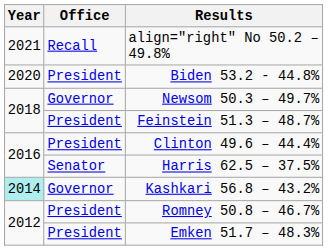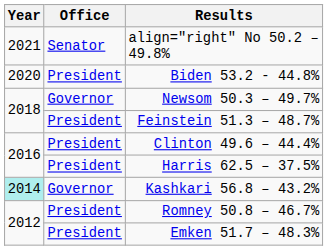 <table class=wikitable>
 <tr>
 <th width="30">Year</th>
 <th width="60">Office</th>
 <th width="180">Results</th>
 </tr>
 <tr>
 <td>2021</td>
-<td><a href='#'>Recall</a></td>
+<td><a href='#'>Senator</a></td>
 <td>align="right"  No 50.2 – 49.8%</td>
 </tr>
 <tr>
 <td rowspan="1">2020</td>
 <td><a href='#'>President</a></td>
 <td align="right" ><a href='#'>Biden</a> 53.2 - 44.8%</td>
 </tr>
 <tr>
 <td rowspan="2">2018</td>
 <td><a href='#'>Governor</a></td>
 <td align="right" ><a href='#'>Newsom</a> 50.3 – 49.7%</td>
 </tr>
 <tr>
 <td><a href='#'>President</a></td>
 <td align="right" ><a href='#'>Feinstein</a> 51.3 – 48.7%</td>
 </tr>
 <tr>
 <td rowspan="2">2016</td>
 <td><a href='#'>President</a></td>
 <td align="right" ><a href='#'>Clinton</a> 49.6 – 44.4%</td>
 </tr>
 <tr>
-<td><a href='#'>Senator</a></td>
+<td><a href='#'>President</a></td>
 <td align="right" ><a href='#'>Harris</a> 62.5 – 37.5%</td>
 </tr>
 <tr>
 <td style="background: paleturquoise;">2014</td>
 <td><a href='#'>Governor</a></td>
 <td align="right" ><a href='#'>Kashkari</a> 56.8 – 43.2%</td>
 </tr>
 <tr>
 <td rowspan="2">2012</td>
 <td><a href='#'>President</a></td>
 <td align="right" ><a href='#'>Romney</a> 50.8 – 46.7%</td>
 </tr>
 <tr>
 <td><a href='#'>President</a></td>
 <td align="right" ><a href='#'>Emken</a> 51.7 – 48.3%</td>
 </tr>
 </table>
